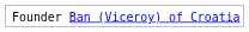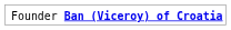 <table style="border-spacing: 2px; border: 1px solid darkgray;">
 <tr>
 </tr>
 <tr>
 <td></td>
 <td>Founder</td>
 <td></td>
-<td><a href='#'>Ban (Viceroy) of Croatia</a></td>
+<td><strong><a href='#'>Ban (Viceroy) of Croatia</a></strong></td>
 </tr>
 </table>
